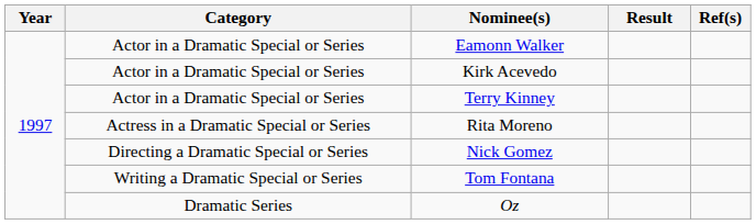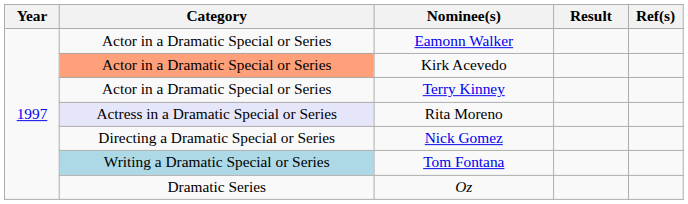 <table class="wikitable" style="text-align:center;">
 <tr>
 <th width="50">Year</th>
 <th width="320">Category</th>
 <th width="180">Nominee(s)</th>
 <th width="70">Result</th>
 <th width="50">Ref(s)</th>
 </tr>
 <tr>
 <td rowspan="7"><a href='#'>1997</a></td>
 <td>Actor in a Dramatic Special or Series</td>
 <td><a href='#'>Eamonn Walker</a></td>
 <td></td>
 <td></td>
 </tr>
 <tr>
-<td>Actor in a Dramatic Special or Series</td>
+<td style="background: lightsalmon;">Actor in a Dramatic Special or Series</td>
 <td>Kirk Acevedo</td>
 <td></td>
 <td></td>
 </tr>
 <tr>
 <td>Actor in a Dramatic Special or Series</td>
 <td><a href='#'>Terry Kinney</a></td>
 <td></td>
 <td></td>
 </tr>
 <tr>
-<td>Actress in a Dramatic Special or Series</td>
+<td style="background: lavender;">Actress in a Dramatic Special or Series</td>
 <td>Rita Moreno</td>
 <td></td>
 <td></td>
 </tr>
 <tr>
 <td>Directing a Dramatic Special or Series</td>
 <td><a href='#'>Nick Gomez</a></td>
 <td></td>
 <td></td>
 </tr>
 <tr>
-<td>Writing a Dramatic Special or Series</td>
+<td style="background: lightblue;">Writing a Dramatic Special or Series</td>
 <td><a href='#'>Tom Fontana</a></td>
 <td></td>
 <td></td>
 </tr>
 <tr>
 <td>Dramatic Series</td>
 <td><em>Oz</em></td>
 <td></td>
 <td></td>
 </tr>
 </table>
